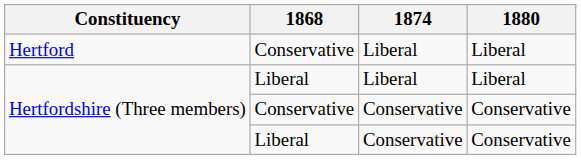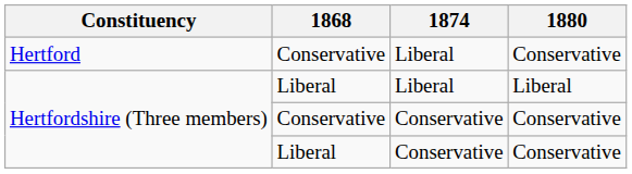 <table class="wikitable">
 <tr>
 <th>Constituency</th>
 <th>1868</th>
 <th>1874</th>
 <th>1880</th>
 </tr>
 <tr>
 <td><a href='#'>Hertford</a></td>
 <td>Conservative</td>
 <td>Liberal</td>
-<td>Liberal</td>
+<td>Conservative</td>
 </tr>
 <tr>
 <td rowspan="3"><a href='#'>Hertfordshire</a> (Three members)</td>
 <td>Liberal</td>
 <td>Liberal</td>
 <td>Liberal</td>
 </tr>
 <tr>
 <td>Conservative</td>
 <td>Conservative</td>
 <td>Conservative</td>
 </tr>
 <tr>
 <td>Liberal</td>
 <td>Conservative</td>
 <td>Conservative</td>
 </tr>
 </table>
